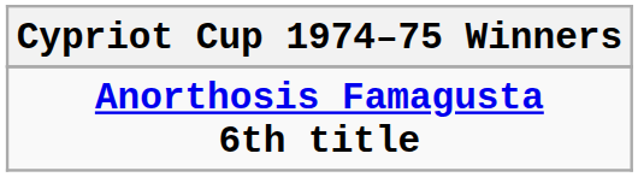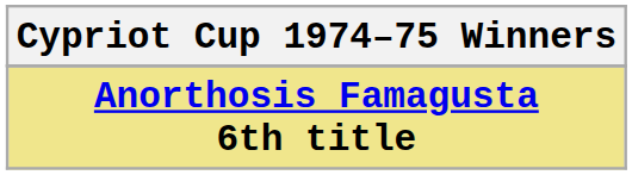 <table class="wikitable" style="text-align:center;margin: 0 auto;">
 <tr>
 <th>Cypriot Cup 1974–75 Winners</th>
 </tr>
 <tr>
 </tr>
 <tr>
-<td><strong><a href='#'>Anorthosis Famagusta</a></strong><br><strong>6th title</strong></td>
+<td style="background: khaki;"><strong><a href='#'>Anorthosis Famagusta</a></strong><br><strong>6th title</strong></td>
 </tr>
 </table>
